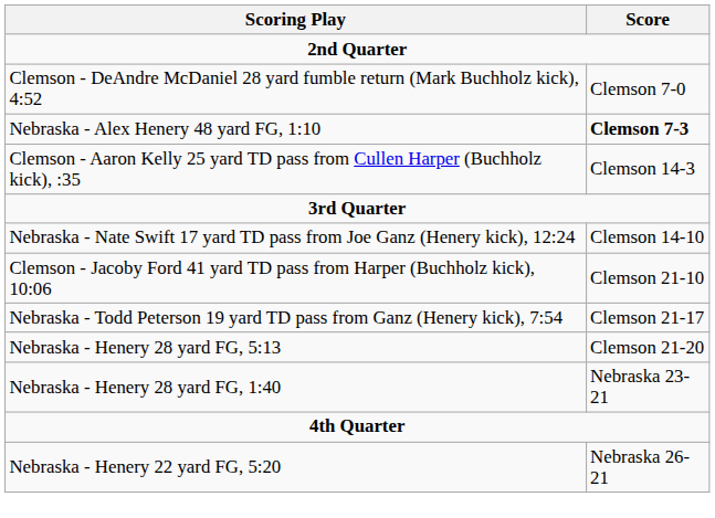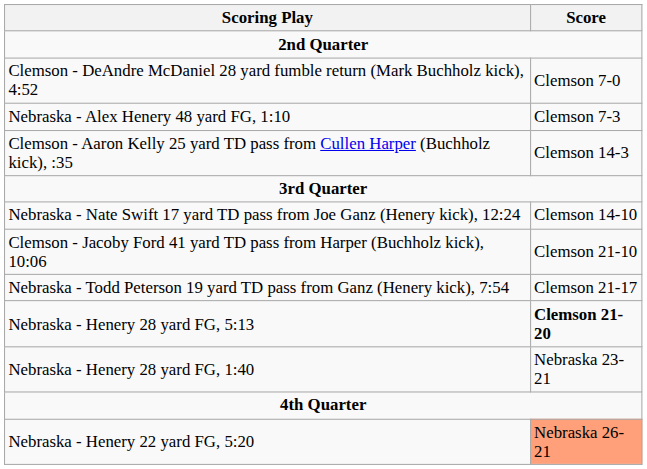 <table class="wikitable">
 <tr>
 <th>Scoring Play</th>
 <th>Score</th>
 </tr>
 <tr>
 <td colspan="4" align="center"><strong>2nd Quarter</strong></td>
 </tr>
 <tr>
 <td>Clemson - DeAndre McDaniel 28 yard fumble return (Mark Buchholz kick), 4:52</td>
 <td>Clemson 7-0</td>
 </tr>
 <tr>
 <td>Nebraska - Alex Henery 48 yard FG, 1:10</td>
-<td><strong>Clemson 7-3</strong></td>
+<td>Clemson 7-3</td>
 </tr>
 <tr>
 <td>Clemson - Aaron Kelly 25 yard TD pass from <a href='#'>Cullen Harper</a> (Buchholz kick), :35</td>
 <td>Clemson 14-3</td>
 </tr>
 <tr>
 <td colspan="4" align="center"><strong>3rd Quarter</strong></td>
 </tr>
 <tr>
 <td>Nebraska - Nate Swift 17 yard TD pass from Joe Ganz (Henery kick), 12:24</td>
 <td>Clemson 14-10</td>
 </tr>
 <tr>
 <td>Clemson - Jacoby Ford 41 yard TD pass from Harper (Buchholz kick), 10:06</td>
 <td>Clemson 21-10</td>
 </tr>
 <tr>
 <td>Nebraska - Todd Peterson 19 yard TD pass from Ganz (Henery kick), 7:54</td>
 <td>Clemson 21-17</td>
 </tr>
 <tr>
 <td>Nebraska - Henery 28 yard FG, 5:13</td>
-<td>Clemson 21-20</td>
+<td><strong>Clemson 21-20</strong></td>
 </tr>
 <tr>
 <td>Nebraska - Henery 28 yard FG, 1:40</td>
 <td>Nebraska 23-21</td>
 </tr>
 <tr>
 <td colspan="4" align="center"><strong>4th Quarter</strong></td>
 </tr>
 <tr>
 <td>Nebraska - Henery 22 yard FG, 5:20</td>
-<td>Nebraska 26-21</td>
+<td style="background: lightsalmon;">Nebraska 26-21</td>
 </tr>
 </table>
